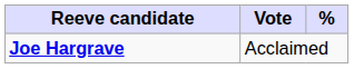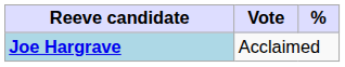 <table class="wikitable">
 <tr>
 <th style="background:#ddf; width:200px;">Reeve candidate</th>
 <th style="background:#ddf; width:50px;">Vote</th>
 <th style="background:#ddf; width:30px;">%</th>
 </tr>
 <tr>
-<td><strong><a href='#'>Joe Hargrave</a></strong></td>
+<td style="background: lightblue;"><strong><a href='#'>Joe Hargrave</a></strong></td>
 <td colspan="2">Acclaimed</td>
 </tr>
 </table>
